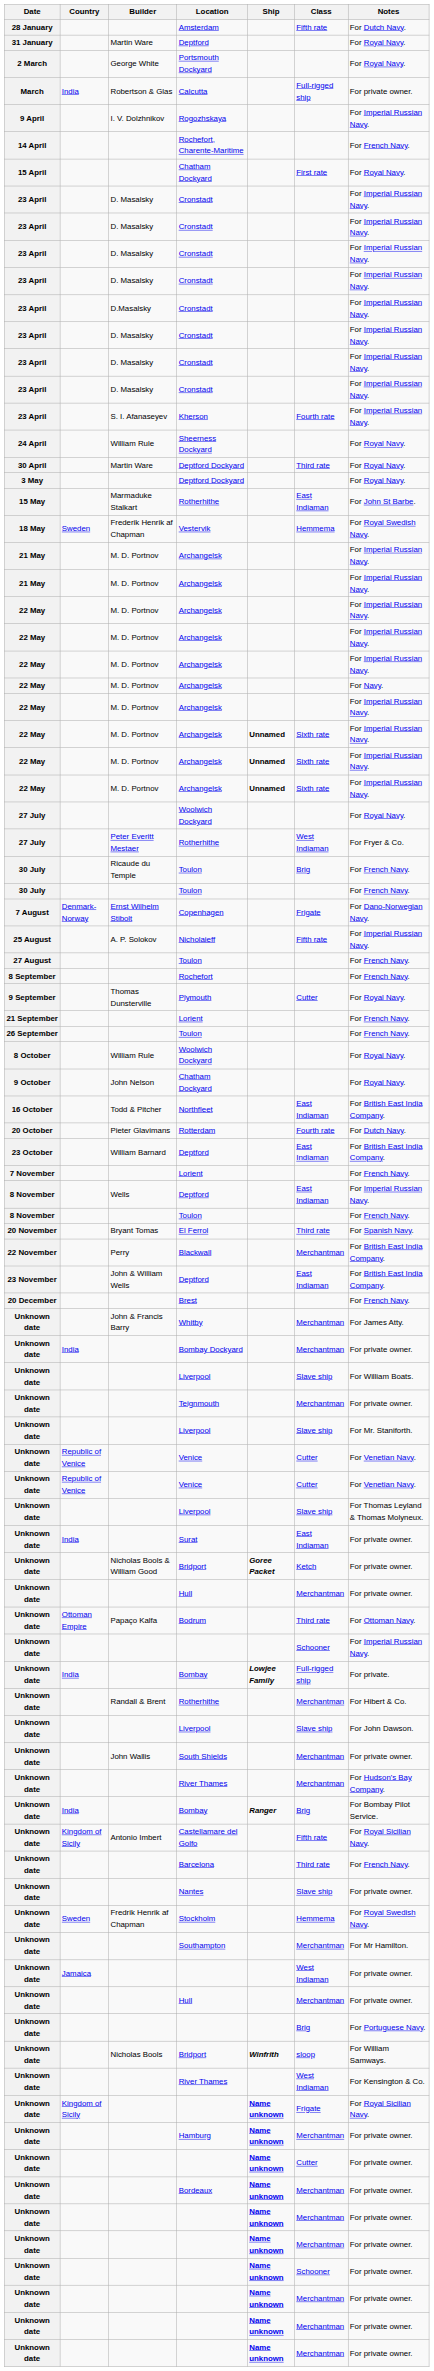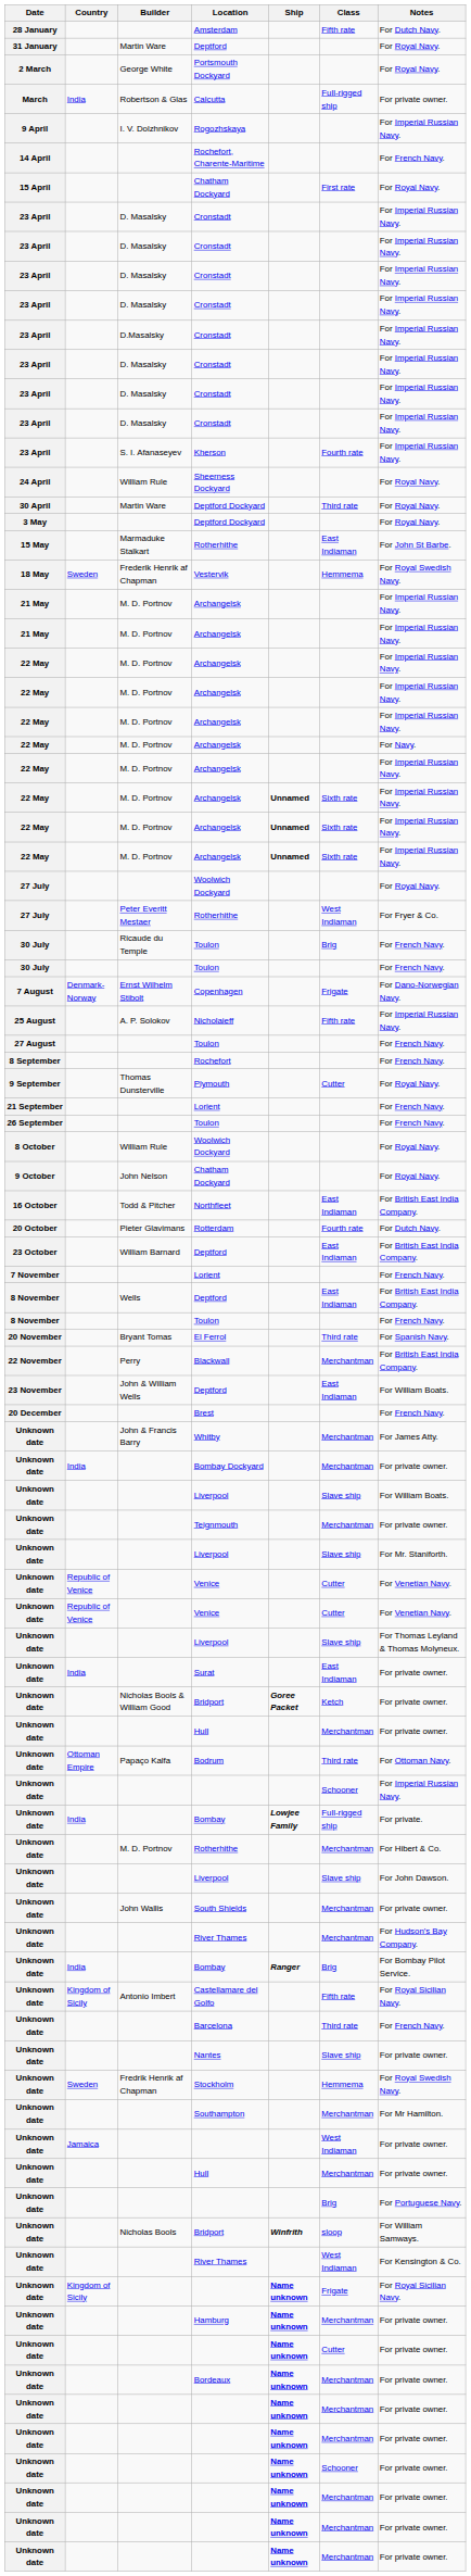 <table class="wikitable sortable" style="font-size:1.00em; line-height:1.5em;">
 <tr>
 <th>Date</th>
 <th>Country</th>
 <th>Builder</th>
 <th>Location</th>
 <th>Ship</th>
 <th>Class</th>
 <th>Notes</th>
 </tr>
 <tr ---->
 <th>28 January</th>
 <td></td>
 <td></td>
 <td><a href='#'>Amsterdam</a></td>
 <td><strong></strong></td>
 <td><a href='#'>Fifth rate</a></td>
 <td>For <a href='#'>Dutch Navy</a>.</td>
 </tr>
 <tr ---->
 <th>31 January</th>
 <td></td>
 <td>Martin Ware</td>
 <td><a href='#'>Deptford</a></td>
 <td><strong></strong></td>
 <td></td>
 <td>For <a href='#'>Royal Navy</a>.</td>
 </tr>
 <tr ---->
 <th>2 March</th>
 <td></td>
 <td>George White</td>
 <td><a href='#'>Portsmouth Dockyard</a></td>
 <td><strong></strong></td>
 <td></td>
 <td>For <a href='#'>Royal Navy</a>.</td>
 </tr>
 <tr ---->
 <th>March</th>
 <td> <a href='#'>India</a></td>
 <td>Robertson & Glas</td>
 <td><a href='#'>Calcutta</a></td>
 <td><strong></strong></td>
 <td><a href='#'>Full-rigged ship</a></td>
 <td>For private owner.</td>
 </tr>
 <tr ---->
 <th>9 April</th>
 <td></td>
 <td>I. V. Dolzhnikov</td>
 <td><a href='#'>Rogozhskaya</a></td>
 <td><strong></strong></td>
 <td></td>
 <td>For <a href='#'>Imperial Russian Navy</a>.</td>
 </tr>
 <tr ---->
 <th>14 April</th>
 <td></td>
 <td></td>
 <td><a href='#'>Rochefort, Charente-Maritime</a></td>
 <td><strong></strong></td>
 <td></td>
 <td>For <a href='#'>French Navy</a>.</td>
 </tr>
 <tr ---->
 <th>15 April</th>
 <td></td>
 <td></td>
 <td><a href='#'>Chatham Dockyard</a></td>
 <td><strong></strong></td>
 <td><a href='#'>First rate</a></td>
 <td>For <a href='#'>Royal Navy</a>.</td>
 </tr>
 <tr ---->
 <th>23 April</th>
 <td></td>
 <td>D. Masalsky</td>
 <td><a href='#'>Cronstadt</a></td>
 <td><strong></strong></td>
 <td></td>
 <td>For <a href='#'>Imperial Russian Navy</a>.</td>
 </tr>
 <tr ---->
 <th>23 April</th>
 <td></td>
 <td>D. Masalsky</td>
 <td><a href='#'>Cronstadt</a></td>
 <td><strong></strong></td>
 <td></td>
 <td>For <a href='#'>Imperial Russian Navy</a>.</td>
 </tr>
 <tr ---->
 <th>23 April</th>
 <td></td>
 <td>D. Masalsky</td>
 <td><a href='#'>Cronstadt</a></td>
 <td><strong></strong></td>
 <td></td>
 <td>For <a href='#'>Imperial Russian Navy</a>.</td>
 </tr>
 <tr ---->
 <th>23 April</th>
 <td></td>
 <td>D. Masalsky</td>
 <td><a href='#'>Cronstadt</a></td>
 <td><strong></strong></td>
 <td></td>
 <td>For <a href='#'>Imperial Russian Navy</a>.</td>
 </tr>
 <tr ---->
 <th>23 April</th>
 <td></td>
 <td>D.Masalsky</td>
 <td><a href='#'>Cronstadt</a></td>
 <td><strong></strong></td>
 <td></td>
 <td>For <a href='#'>Imperial Russian Navy</a>.</td>
 </tr>
 <tr ---->
 <th>23 April</th>
 <td></td>
 <td>D. Masalsky</td>
 <td><a href='#'>Cronstadt</a></td>
 <td><strong></strong></td>
 <td></td>
 <td>For <a href='#'>Imperial Russian Navy</a>.</td>
 </tr>
 <tr ---->
 <th>23 April</th>
 <td></td>
 <td>D. Masalsky</td>
 <td><a href='#'>Cronstadt</a></td>
 <td><strong></strong></td>
 <td></td>
 <td>For <a href='#'>Imperial Russian Navy</a>.</td>
 </tr>
 <tr ---->
 <th>23 April</th>
 <td></td>
 <td>D. Masalsky</td>
 <td><a href='#'>Cronstadt</a></td>
 <td><strong></strong></td>
 <td></td>
 <td>For <a href='#'>Imperial Russian Navy</a>.</td>
 </tr>
 <tr ---->
 <th>23 April</th>
 <td></td>
 <td>S. I. Afanaseyev</td>
 <td><a href='#'>Kherson</a></td>
 <td><strong></strong></td>
 <td><a href='#'>Fourth rate</a></td>
 <td>For <a href='#'>Imperial Russian Navy</a>.</td>
 </tr>
 <tr ---->
 <th>24 April</th>
 <td></td>
 <td>William Rule</td>
 <td><a href='#'>Sheerness Dockyard</a></td>
 <td><strong></strong></td>
 <td></td>
 <td>For <a href='#'>Royal Navy</a>.</td>
 </tr>
 <tr ---->
 <th>30 April</th>
 <td></td>
 <td>Martin Ware</td>
 <td><a href='#'>Deptford Dockyard</a></td>
 <td><strong></strong></td>
 <td><a href='#'>Third rate</a></td>
 <td>For <a href='#'>Royal Navy</a>.</td>
 </tr>
 <tr ---->
 <th>3 May</th>
 <td></td>
 <td></td>
 <td><a href='#'>Deptford Dockyard</a></td>
 <td><strong></strong></td>
 <td></td>
 <td>For <a href='#'>Royal Navy</a>.</td>
 </tr>
 <tr ---->
 <th>15 May</th>
 <td></td>
 <td>Marmaduke Stalkart</td>
 <td><a href='#'>Rotherhithe</a></td>
 <td><strong></strong></td>
 <td><a href='#'>East Indiaman</a></td>
 <td>For <a href='#'>John St Barbe</a>.</td>
 </tr>
 <tr ---->
 <th>18 May</th>
 <td>  <a href='#'>Sweden</a></td>
 <td>Frederik Henrik af Chapman</td>
 <td><a href='#'>Vestervik</a></td>
 <td><strong></strong></td>
 <td><a href='#'>Hemmema</a></td>
 <td>For <a href='#'>Royal Swedish Navy</a>.</td>
 </tr>
 <tr ---->
 <th>21 May</th>
 <td></td>
 <td>M. D. Portnov</td>
 <td><a href='#'>Archangelsk</a></td>
 <td><strong></strong></td>
 <td></td>
 <td>For <a href='#'>Imperial Russian Navy</a>.</td>
 </tr>
 <tr ---->
 <th>21 May</th>
 <td></td>
 <td>M. D. Portnov</td>
 <td><a href='#'>Archangelsk</a></td>
 <td><strong></strong></td>
 <td></td>
 <td>For <a href='#'>Imperial Russian Navy</a>.</td>
 </tr>
 <tr ---->
 <th>22 May</th>
 <td></td>
 <td>M. D. Portnov</td>
 <td><a href='#'>Archangelsk</a></td>
 <td><strong></strong></td>
 <td></td>
 <td>For <a href='#'>Imperial Russian Navy</a>.</td>
 </tr>
 <tr ---->
 <th>22 May</th>
 <td></td>
 <td>M. D. Portnov</td>
 <td><a href='#'>Archangelsk</a></td>
 <td><strong></strong></td>
 <td></td>
 <td>For <a href='#'>Imperial Russian Navy</a>.</td>
 </tr>
 <tr ---->
 <th>22 May</th>
 <td></td>
 <td>M. D. Portnov</td>
 <td><a href='#'>Archangelsk</a></td>
 <td><strong></strong></td>
 <td></td>
 <td>For <a href='#'>Imperial Russian Navy</a>.</td>
 </tr>
 <tr ---->
 <th>22 May</th>
 <td></td>
 <td>M. D. Portnov</td>
 <td><a href='#'>Archangelsk</a></td>
 <td><strong></strong></td>
 <td></td>
 <td>For <a href='#'>Navy</a>.</td>
 </tr>
 <tr ---->
 <th>22 May</th>
 <td></td>
 <td>M. D. Portnov</td>
 <td><a href='#'>Archangelsk</a></td>
 <td><strong></strong></td>
 <td></td>
 <td>For <a href='#'>Imperial Russian Navy</a>.</td>
 </tr>
 <tr ---->
 <th>22 May</th>
 <td></td>
 <td>M. D. Portnov</td>
 <td><a href='#'>Archangelsk</a></td>
 <td><strong>Unnamed</strong></td>
 <td><a href='#'>Sixth rate</a></td>
 <td>For <a href='#'>Imperial Russian Navy</a>.</td>
 </tr>
 <tr ---->
 <th>22 May</th>
 <td></td>
 <td>M. D. Portnov</td>
 <td><a href='#'>Archangelsk</a></td>
 <td><strong>Unnamed</strong></td>
 <td><a href='#'>Sixth rate</a></td>
 <td>For <a href='#'>Imperial Russian Navy</a>.</td>
 </tr>
 <tr ---->
 <th>22 May</th>
 <td></td>
 <td>M. D. Portnov</td>
 <td><a href='#'>Archangelsk</a></td>
 <td><strong>Unnamed</strong></td>
 <td><a href='#'>Sixth rate</a></td>
 <td>For <a href='#'>Imperial Russian Navy</a>.</td>
 </tr>
 <tr ---->
 <th>27 July</th>
 <td></td>
 <td></td>
 <td><a href='#'>Woolwich Dockyard</a></td>
 <td><strong></strong></td>
 <td></td>
 <td>For <a href='#'>Royal Navy</a>.</td>
 </tr>
 <tr ---->
 <th>27 July</th>
 <td></td>
 <td><a href='#'>Peter Everitt Mestaer</a></td>
 <td><a href='#'>Rotherhithe</a></td>
 <td><strong></strong></td>
 <td><a href='#'>West Indiaman</a></td>
 <td>For Fryer & Co.</td>
 </tr>
 <tr ---->
 <th>30 July</th>
 <td></td>
 <td>Ricaude du Temple</td>
 <td><a href='#'>Toulon</a></td>
 <td><strong></strong></td>
 <td><a href='#'>Brig</a></td>
 <td>For <a href='#'>French Navy</a>.</td>
 </tr>
 <tr ---->
 <th>30 July</th>
 <td></td>
 <td></td>
 <td><a href='#'>Toulon</a></td>
 <td><strong></strong></td>
 <td></td>
 <td>For <a href='#'>French Navy</a>.</td>
 </tr>
 <tr ---->
 <th>7 August</th>
 <td> <a href='#'>Denmark-Norway</a></td>
 <td><a href='#'>Ernst Wilhelm Stibolt</a></td>
 <td><a href='#'>Copenhagen</a></td>
 <td><strong></strong></td>
 <td><a href='#'>Frigate</a></td>
 <td>For <a href='#'>Dano-Norwegian Navy</a>.</td>
 </tr>
 <tr ---->
 <th>25 August</th>
 <td></td>
 <td>A. P. Solokov</td>
 <td><a href='#'>Nicholaieff</a></td>
 <td><strong></strong></td>
 <td><a href='#'>Fifth rate</a></td>
 <td>For <a href='#'>Imperial Russian Navy</a>.</td>
 </tr>
 <tr ---->
 <th>27 August</th>
 <td></td>
 <td></td>
 <td><a href='#'>Toulon</a></td>
 <td><strong></strong></td>
 <td></td>
 <td>For <a href='#'>French Navy</a>.</td>
 </tr>
 <tr ---->
 <th>8 September</th>
 <td></td>
 <td></td>
 <td><a href='#'>Rochefort</a></td>
 <td><strong></strong></td>
 <td></td>
 <td>For <a href='#'>French Navy</a>.</td>
 </tr>
 <tr ---->
 <th>9 September</th>
 <td></td>
 <td>Thomas Dunsterville</td>
 <td><a href='#'>Plymouth</a></td>
 <td><strong></strong></td>
 <td><a href='#'>Cutter</a></td>
 <td>For <a href='#'>Royal Navy</a>.</td>
 </tr>
 <tr ---->
 <th>21 September</th>
 <td></td>
 <td></td>
 <td><a href='#'>Lorient</a></td>
 <td><strong></strong></td>
 <td></td>
 <td>For <a href='#'>French Navy</a>.</td>
 </tr>
 <tr ---->
 <th>26 September</th>
 <td></td>
 <td></td>
 <td><a href='#'>Toulon</a></td>
 <td><strong></strong></td>
 <td></td>
 <td>For <a href='#'>French Navy</a>.</td>
 </tr>
 <tr ---->
 <th>8 October</th>
 <td></td>
 <td>William Rule</td>
 <td><a href='#'>Woolwich Dockyard</a></td>
 <td><strong></strong></td>
 <td></td>
 <td>For <a href='#'>Royal Navy</a>.</td>
 </tr>
 <tr ---->
 <th>9 October</th>
 <td></td>
 <td>John Nelson</td>
 <td><a href='#'>Chatham Dockyard</a></td>
 <td><strong></strong></td>
 <td></td>
 <td>For <a href='#'>Royal Navy</a>.</td>
 </tr>
 <tr ---->
 <th>16 October</th>
 <td></td>
 <td>Todd & Pitcher</td>
 <td><a href='#'>Northfleet</a></td>
 <td><strong></strong></td>
 <td><a href='#'>East Indiaman</a></td>
 <td>For <a href='#'>British East India Company</a>.</td>
 </tr>
 <tr ---->
 <th>20 October</th>
 <td></td>
 <td>Pieter Glavimans</td>
 <td><a href='#'>Rotterdam</a></td>
 <td><strong></strong></td>
 <td><a href='#'>Fourth rate</a></td>
 <td>For <a href='#'>Dutch Navy</a>.</td>
 </tr>
 <tr ---->
 <th>23 October</th>
 <td></td>
 <td>William Barnard</td>
 <td><a href='#'>Deptford</a></td>
 <td><strong></strong></td>
 <td><a href='#'>East Indiaman</a></td>
 <td>For <a href='#'>British East India Company</a>.</td>
 </tr>
 <tr ---->
 <th>7 November</th>
 <td></td>
 <td></td>
 <td><a href='#'>Lorient</a></td>
 <td><strong></strong></td>
 <td></td>
 <td>For <a href='#'>French Navy</a>.</td>
 </tr>
 <tr ---->
 <th>8 November</th>
 <td></td>
 <td>Wells</td>
 <td><a href='#'>Deptford</a></td>
 <td><strong></strong></td>
 <td><a href='#'>East Indiaman</a></td>
-<td>For <a href='#'>Imperial Russian Navy</a>.</td>
+<td>For <a href='#'>British East India Company</a>.</td>
 </tr>
 <tr ---->
 <th>8 November</th>
 <td></td>
 <td></td>
 <td><a href='#'>Toulon</a></td>
 <td><strong></strong></td>
 <td></td>
 <td>For <a href='#'>French Navy</a>.</td>
 </tr>
 <tr ---->
 <th>20 November</th>
 <td></td>
 <td>Bryant Tomas</td>
 <td><a href='#'>El Ferrol</a></td>
 <td><strong></strong></td>
 <td><a href='#'>Third rate</a></td>
 <td>For <a href='#'>Spanish Navy</a>.</td>
 </tr>
 <tr ---->
 <th>22 November</th>
 <td></td>
 <td>Perry</td>
 <td><a href='#'>Blackwall</a></td>
 <td><strong></strong></td>
 <td><a href='#'>Merchantman</a></td>
 <td>For <a href='#'>British East India Company</a>.</td>
 </tr>
 <tr ---->
 <th>23 November</th>
 <td></td>
 <td>John & William Wells</td>
 <td><a href='#'>Deptford</a></td>
 <td><strong></strong></td>
 <td><a href='#'>East Indiaman</a></td>
-<td>For <a href='#'>British East India Company</a>.</td>
+<td>For William Boats.</td>
 </tr>
 <tr ---->
 <th>20 December</th>
 <td></td>
 <td></td>
 <td><a href='#'>Brest</a></td>
 <td><strong></strong></td>
 <td></td>
 <td>For <a href='#'>French Navy</a>.</td>
 </tr>
 <tr ---->
 <th>Unknown date</th>
 <td></td>
 <td>John & Francis Barry</td>
 <td><a href='#'>Whitby</a></td>
 <td><strong></strong></td>
 <td><a href='#'>Merchantman</a></td>
 <td>For James Atty.</td>
 </tr>
 <tr ---->
 <th>Unknown date</th>
 <td> <a href='#'>India</a></td>
 <td></td>
 <td><a href='#'>Bombay Dockyard</a></td>
 <td><strong></strong></td>
 <td><a href='#'>Merchantman</a></td>
 <td>For private owner.</td>
 </tr>
 <tr ---->
 <th>Unknown date</th>
 <td></td>
 <td></td>
 <td><a href='#'>Liverpool</a></td>
 <td><strong></strong></td>
 <td><a href='#'>Slave ship</a></td>
 <td>For William Boats.</td>
 </tr>
 <tr ---->
 <th>Unknown date</th>
 <td></td>
 <td></td>
 <td><a href='#'>Teignmouth</a></td>
 <td><strong></strong></td>
 <td><a href='#'>Merchantman</a></td>
 <td>For private owner.</td>
 </tr>
 <tr ---->
 <th>Unknown date</th>
 <td></td>
 <td></td>
 <td><a href='#'>Liverpool</a></td>
 <td><strong></strong></td>
 <td><a href='#'>Slave ship</a></td>
 <td>For Mr. Staniforth.</td>
 </tr>
 <tr ---->
 <th>Unknown date</th>
 <td> <a href='#'>Republic of Venice</a></td>
 <td></td>
 <td><a href='#'>Venice</a></td>
 <td><strong></strong></td>
 <td><a href='#'>Cutter</a></td>
 <td>For <a href='#'>Venetian Navy</a>.</td>
 </tr>
 <tr ---->
 <th>Unknown date</th>
 <td> <a href='#'>Republic of Venice</a></td>
 <td></td>
 <td><a href='#'>Venice</a></td>
 <td><strong></strong></td>
 <td><a href='#'>Cutter</a></td>
 <td>For <a href='#'>Venetian Navy</a>.</td>
 </tr>
 <tr ---->
 <th>Unknown date</th>
 <td></td>
 <td></td>
 <td><a href='#'>Liverpool</a></td>
 <td><strong></strong></td>
 <td><a href='#'>Slave ship</a></td>
 <td>For Thomas Leyland & Thomas Molyneux.</td>
 </tr>
 <tr ---->
 <th>Unknown date</th>
 <td> <a href='#'>India</a></td>
 <td></td>
 <td><a href='#'>Surat</a></td>
 <td><strong></strong></td>
 <td><a href='#'>East Indiaman</a></td>
 <td>For private owner.</td>
 </tr>
 <tr ---->
 <th>Unknown date</th>
 <td></td>
 <td>Nicholas Bools & William Good</td>
 <td><a href='#'>Bridport</a></td>
 <td><strong><em>Goree Packet</em></strong></td>
 <td><a href='#'>Ketch</a></td>
 <td>For private owner.</td>
 </tr>
 <tr ---->
 <th>Unknown date</th>
 <td></td>
 <td></td>
 <td><a href='#'>Hull</a></td>
 <td><strong></strong></td>
 <td><a href='#'>Merchantman</a></td>
 <td>For private owner.</td>
 </tr>
 <tr ---->
 <th>Unknown date</th>
 <td> <a href='#'>Ottoman Empire</a></td>
 <td>Papaço Kalfa</td>
 <td><a href='#'>Bodrum</a></td>
 <td><strong></strong></td>
 <td><a href='#'>Third rate</a></td>
 <td>For <a href='#'>Ottoman Navy</a>.</td>
 </tr>
 <tr ---->
 <th>Unknown date</th>
 <td></td>
 <td></td>
 <td></td>
 <td><strong></strong></td>
 <td><a href='#'>Schooner</a></td>
 <td>For <a href='#'>Imperial Russian Navy</a>.</td>
 </tr>
 <tr ---->
 <th>Unknown date</th>
 <td> <a href='#'>India</a></td>
 <td></td>
 <td><a href='#'>Bombay</a></td>
 <td><strong><em>Lowjee Family</em></strong></td>
 <td><a href='#'>Full-rigged ship</a></td>
 <td>For private.</td>
 </tr>
 <tr ---->
 <th>Unknown date</th>
 <td></td>
-<td>Randall & Brent</td>
+<td>M. D. Portnov</td>
 <td><a href='#'>Rotherhithe</a></td>
 <td><strong></strong></td>
 <td><a href='#'>Merchantman</a></td>
 <td>For Hibert & Co.</td>
 </tr>
 <tr ---->
 <th>Unknown date</th>
 <td></td>
 <td></td>
 <td><a href='#'>Liverpool</a></td>
 <td><strong></strong></td>
 <td><a href='#'>Slave ship</a></td>
 <td>For John Dawson.</td>
 </tr>
 <tr ---->
 <th>Unknown date</th>
 <td></td>
 <td>John Wallis</td>
 <td><a href='#'>South Shields</a></td>
 <td><strong></strong></td>
 <td><a href='#'>Merchantman</a></td>
 <td>For private owner.</td>
 </tr>
 <tr ---->
 <th>Unknown date</th>
 <td></td>
 <td></td>
 <td><a href='#'>River Thames</a></td>
 <td><strong></strong></td>
 <td><a href='#'>Merchantman</a></td>
 <td>For <a href='#'>Hudson's Bay Company</a>.</td>
 </tr>
 <tr ---->
 <th>Unknown date</th>
 <td> <a href='#'>India</a></td>
 <td></td>
 <td><a href='#'>Bombay</a></td>
 <td><strong><em>Ranger</em></strong></td>
 <td><a href='#'>Brig</a></td>
 <td>For Bombay Pilot Service.</td>
 </tr>
 <tr ---->
 <th>Unknown date</th>
 <td> <a href='#'>Kingdom of Sicily</a></td>
 <td>Antonio Imbert</td>
 <td><a href='#'>Castellamare del Golfo</a></td>
 <td><strong></strong></td>
 <td><a href='#'>Fifth rate</a></td>
 <td>For <a href='#'>Royal Sicilian Navy</a>.</td>
 </tr>
 <tr ---->
 <th>Unknown date</th>
 <td></td>
 <td></td>
 <td><a href='#'>Barcelona</a></td>
 <td><strong></strong></td>
 <td><a href='#'>Third rate</a></td>
 <td>For <a href='#'>French Navy</a>.</td>
 </tr>
 <tr ---->
 <th>Unknown date</th>
 <td></td>
 <td></td>
 <td><a href='#'>Nantes</a></td>
 <td><strong></strong></td>
 <td><a href='#'>Slave ship</a></td>
 <td>For private owner.</td>
 </tr>
 <tr ---->
 <th>Unknown date</th>
 <td> <a href='#'>Sweden</a></td>
 <td>Fredrik Henrik af Chapman</td>
 <td><a href='#'>Stockholm</a></td>
 <td><strong></strong></td>
 <td><a href='#'>Hemmema</a></td>
 <td>For <a href='#'>Royal Swedish Navy</a>.</td>
 </tr>
 <tr ---->
 <th>Unknown date</th>
 <td></td>
 <td></td>
 <td><a href='#'>Southampton</a></td>
 <td><strong></strong></td>
 <td><a href='#'>Merchantman</a></td>
 <td>For Mr Hamilton.</td>
 </tr>
 <tr ---->
 <th>Unknown date</th>
 <td> <a href='#'>Jamaica</a></td>
 <td></td>
 <td></td>
 <td><strong></strong></td>
 <td><a href='#'>West Indiaman</a></td>
 <td>For private owner.</td>
 </tr>
 <tr ---->
 <th>Unknown date</th>
 <td></td>
 <td></td>
 <td><a href='#'>Hull</a></td>
 <td><strong></strong></td>
 <td><a href='#'>Merchantman</a></td>
 <td>For private owner.</td>
 </tr>
 <tr ---->
 <th>Unknown date</th>
 <td></td>
 <td></td>
 <td></td>
 <td><strong></strong></td>
 <td><a href='#'>Brig</a></td>
 <td>For <a href='#'>Portuguese Navy</a>.</td>
 </tr>
 <tr ---->
 <th>Unknown date</th>
 <td></td>
 <td>Nicholas Bools</td>
 <td><a href='#'>Bridport</a></td>
 <td><strong><em>Winfrith</em></strong></td>
 <td><a href='#'>sloop</a></td>
 <td>For William Samways.</td>
 </tr>
 <tr ---->
 <th>Unknown date</th>
 <td></td>
 <td></td>
 <td><a href='#'>River Thames</a></td>
 <td><strong></strong></td>
 <td><a href='#'>West Indiaman</a></td>
 <td>For Kensington & Co.</td>
 </tr>
 <tr ---->
 <th>Unknown date</th>
 <td> <a href='#'>Kingdom of Sicily</a></td>
 <td></td>
 <td></td>
 <td><strong><a href='#'>Name unknown</a></strong></td>
 <td><a href='#'>Frigate</a></td>
 <td>For <a href='#'>Royal Sicilian Navy</a>.</td>
 </tr>
 <tr ---->
 <th>Unknown date</th>
 <td></td>
 <td></td>
 <td><a href='#'>Hamburg</a></td>
 <td><strong><a href='#'>Name unknown</a></strong></td>
 <td><a href='#'>Merchantman</a></td>
 <td>For private owner.</td>
 </tr>
 <tr ---->
 <th>Unknown date</th>
 <td></td>
 <td></td>
 <td></td>
 <td><strong><a href='#'>Name unknown</a></strong></td>
 <td><a href='#'>Cutter</a></td>
 <td>For private owner.</td>
 </tr>
 <tr ---->
 <th>Unknown date</th>
 <td></td>
 <td></td>
 <td><a href='#'>Bordeaux</a></td>
 <td><strong><a href='#'>Name unknown</a></strong></td>
 <td><a href='#'>Merchantman</a></td>
 <td>For private owner.</td>
 </tr>
 <tr ---->
 <th>Unknown date</th>
 <td></td>
 <td></td>
 <td></td>
 <td><strong><a href='#'>Name unknown</a></strong></td>
 <td><a href='#'>Merchantman</a></td>
 <td>For private owner.</td>
 </tr>
 <tr ---->
 <th>Unknown date</th>
 <td></td>
 <td></td>
 <td></td>
 <td><strong><a href='#'>Name unknown</a></strong></td>
 <td><a href='#'>Merchantman</a></td>
 <td>For private owner.</td>
 </tr>
 <tr ---->
 <th>Unknown date</th>
 <td></td>
 <td></td>
 <td></td>
 <td><strong><a href='#'>Name unknown</a></strong></td>
 <td><a href='#'>Schooner</a></td>
 <td>For private owner.</td>
 </tr>
 <tr ---->
 <th>Unknown date</th>
 <td></td>
 <td></td>
 <td></td>
 <td><strong><a href='#'>Name unknown</a></strong></td>
 <td><a href='#'>Merchantman</a></td>
 <td>For private owner.</td>
 </tr>
 <tr ---->
 <th>Unknown date</th>
 <td></td>
 <td></td>
 <td></td>
 <td><strong><a href='#'>Name unknown</a></strong></td>
 <td><a href='#'>Merchantman</a></td>
 <td>For private owner.</td>
 </tr>
 <tr ---->
 <th>Unknown date</th>
 <td></td>
 <td></td>
 <td></td>
 <td><strong><a href='#'>Name unknown</a></strong></td>
 <td><a href='#'>Merchantman</a></td>
 <td>For private owner.</td>
 </tr>
 </table>
